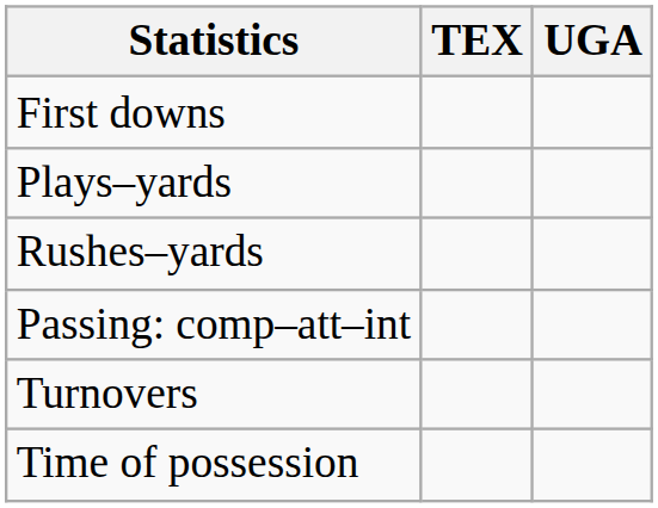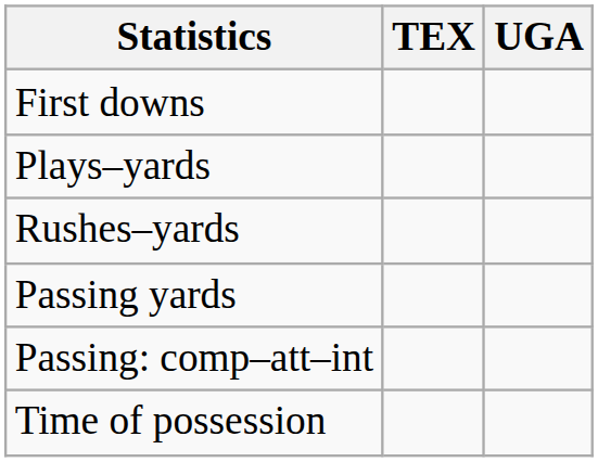 <table class="wikitable" style="float:left">
 <tr>
 <th>Statistics</th>
 <th>TEX</th>
 <th>UGA</th>
 </tr>
 <tr>
 <td>First downs</td>
 <td></td>
 <td></td>
 </tr>
 <tr>
 <td>Plays–yards</td>
 <td></td>
 <td></td>
 </tr>
 <tr>
 <td>Rushes–yards</td>
 <td></td>
 <td></td>
 </tr>
 <tr>
-<td>Passing: comp–att–int</td>
+<td>Passing yards</td>
 <td></td>
 <td></td>
 </tr>
 <tr>
-<td>Turnovers</td>
+<td>Passing: comp–att–int</td>
 <td></td>
 <td></td>
 </tr>
 <tr>
 <td>Time of possession</td>
 <td></td>
 <td></td>
 </tr>
 </table>
